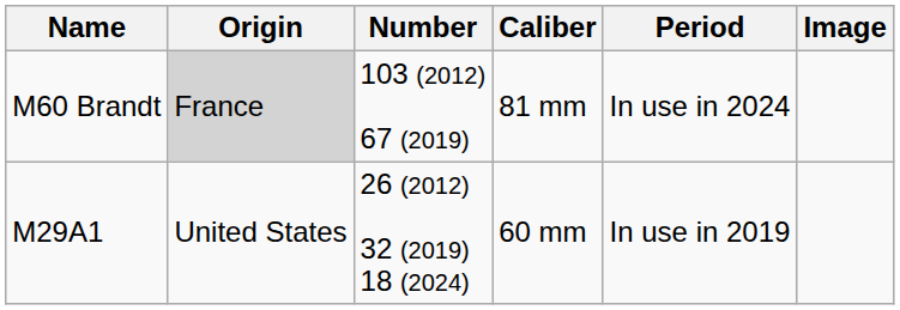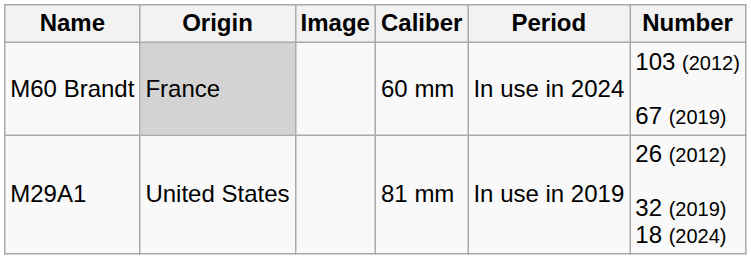 <table class="wikitable mw-collapsible mw-collapsed">
 <tr>
 <th>Name</th>
 <th>Origin</th>
-<th>Number</th>
+<th>Image</th>
 <th>Caliber</th>
 <th>Period</th>
-<th>Image</th>
+<th>Number</th>
 </tr>
 <tr>
 <td>M60 Brandt</td>
 <td style="background: lightgrey;">France</td>
+<td></td>
+<td>60 mm</td>
+<td>In use in 2024</td>
 <td>103 <small>(2012)</small><br><br>67 <small>(2019)</small></td>
-<td>81 mm</td>
-<td>In use in 2024</td>
-<td></td>
 </tr>
 <tr>
 <td>M29A1</td>
 <td>United States</td>
+<td></td>
+<td>81 mm</td>
+<td>In use in 2019</td>
 <td>26 <small>(2012)</small><br><br>32 <small>(2019)</small><br> 18 <small>(2024)</small></td>
-<td>60 mm</td>
-<td>In use in 2019</td>
-<td></td>
 </tr>
 </table>
